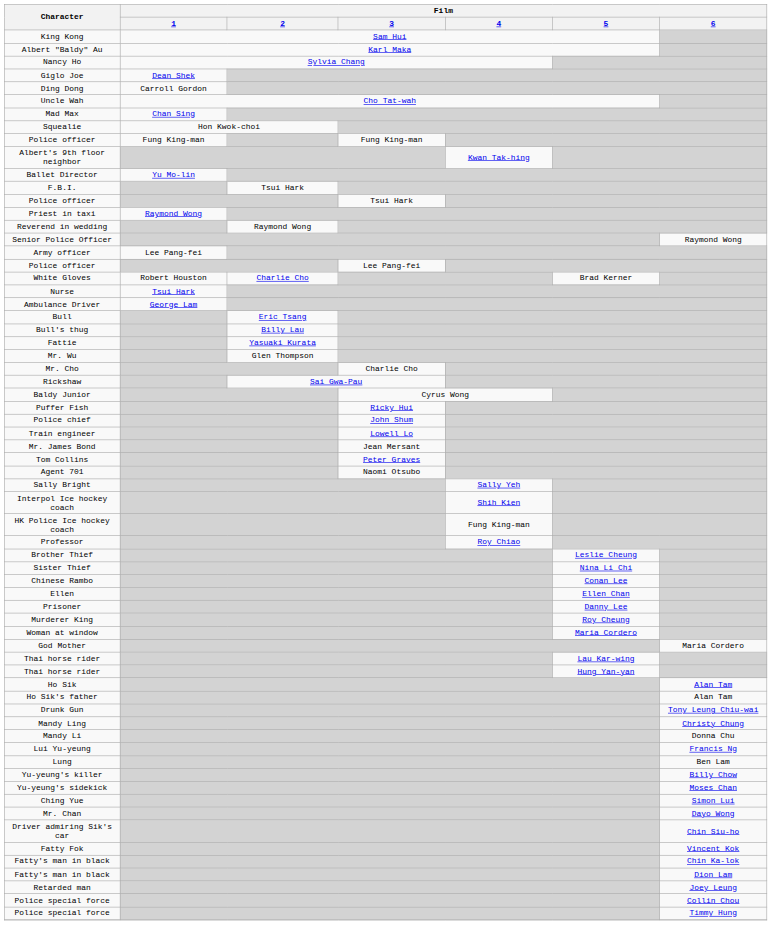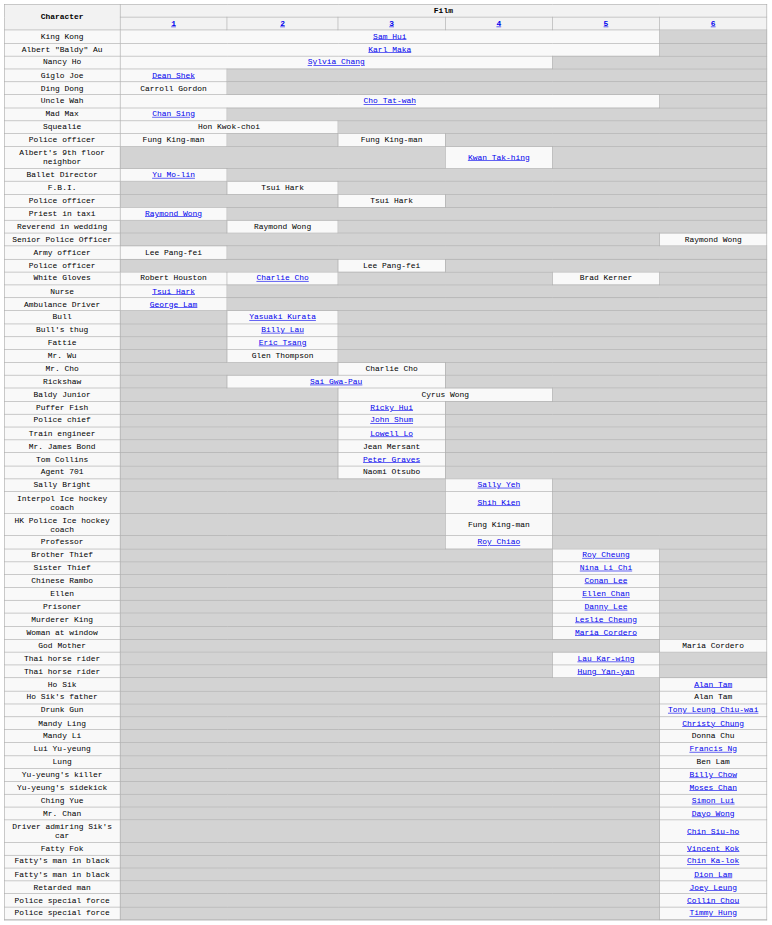 <table class="wikitable" style="text-align:center;">
 <tr>
 <th rowspan="2" style="width:5%;">Character</th>
 <th colspan="6" style="text-align:center;">Film</th>
 </tr>
 <tr>
 <th style="text-align:center; width:5%;"><a href='#'>1</a></th>
 <th style="text-align:center; width:5%;"><a href='#'>2</a></th>
 <th style="text-align:center; width:5%;"><a href='#'>3</a></th>
 <th style="text-align:center; width:5%;"><a href='#'>4</a></th>
 <th style="text-align:center; width:5%;"><a href='#'>5</a></th>
 <th style="text-align:center; width:5%;"><a href='#'>6</a></th>
 </tr>
 <tr>
 <td>King Kong</td>
 <td colspan="5"><a href='#'>Sam Hui</a></td>
 <td style="background:#d3d3d3;"></td>
 </tr>
 <tr>
 <td>Albert "Baldy" Au</td>
 <td colspan="5"><a href='#'>Karl Maka</a></td>
 <td style="background:#d3d3d3;"></td>
 </tr>
 <tr>
 <td>Nancy Ho</td>
 <td colspan="4"><a href='#'>Sylvia Chang</a></td>
 <td colspan="2" style="background:#d3d3d3;"></td>
 </tr>
 <tr>
 <td>Giglo Joe</td>
 <td><a href='#'>Dean Shek</a></td>
 <td colspan="5" style="background:#d3d3d3;"></td>
 </tr>
 <tr>
 <td>Ding Dong</td>
 <td>Carroll Gordon</td>
 <td colspan="5" style="background:#d3d3d3;"></td>
 </tr>
 <tr>
 <td>Uncle Wah</td>
 <td colspan="5"><a href='#'>Cho Tat-wah</a></td>
 <td style="background:#d3d3d3;"></td>
 </tr>
 <tr>
 <td>Mad Max</td>
 <td><a href='#'>Chan Sing</a></td>
 <td colspan="5" style="background:#d3d3d3;"></td>
 </tr>
 <tr>
 <td>Squealie</td>
 <td colspan="2">Hon Kwok-choi</td>
 <td colspan="4" style="background:#d3d3d3;"></td>
 </tr>
 <tr>
 <td>Police officer</td>
 <td>Fung King-man</td>
 <td style="background:#d3d3d3;"></td>
 <td>Fung King-man</td>
 <td colspan="3" style="background:#d3d3d3;"></td>
 </tr>
 <tr>
 <td>Albert's 9th floor neighbor</td>
 <td colspan="3" style="background:#d3d3d3;"></td>
 <td><a href='#'>Kwan Tak-hing</a></td>
 <td colspan="2" style="background:#d3d3d3;"></td>
 </tr>
 <tr>
 <td>Ballet Director</td>
 <td><a href='#'>Yu Mo-lin</a></td>
 <td colspan="5" style="background:#d3d3d3;"></td>
 </tr>
 <tr>
 <td>F.B.I.</td>
 <td style="background:#d3d3d3;"></td>
 <td>Tsui Hark</td>
 <td colspan="4" style="background:#d3d3d3;"></td>
 </tr>
 <tr>
 <td>Police officer</td>
 <td colspan="2" style="background:#d3d3d3;"></td>
 <td>Tsui Hark</td>
 <td colspan="3" style="background:#d3d3d3;"></td>
 </tr>
 <tr>
 <td>Priest in taxi</td>
 <td><a href='#'>Raymond Wong</a></td>
 <td colspan="5" style="background:#d3d3d3;"></td>
 </tr>
 <tr>
 <td>Reverend in wedding</td>
 <td style="background:#d3d3d3;"></td>
 <td>Raymond Wong</td>
 <td colspan="4" style="background:#d3d3d3;"></td>
 </tr>
 <tr>
 <td>Senior Police Officer</td>
 <td colspan="5" style="background:#d3d3d3;"></td>
 <td>Raymond Wong</td>
 </tr>
 <tr>
 <td>Army officer</td>
 <td>Lee Pang-fei</td>
 <td colspan="5" style="background:#d3d3d3;"></td>
 </tr>
 <tr>
 <td>Police officer</td>
 <td colspan="2" style="background:#d3d3d3;"></td>
 <td>Lee Pang-fei</td>
 <td colspan="3" style="background:#d3d3d3;"></td>
 </tr>
 <tr>
 <td>White Gloves</td>
 <td>Robert Houston</td>
 <td><a href='#'>Charlie Cho</a></td>
 <td colspan="2" style="background:#d3d3d3;"></td>
 <td>Brad Kerner</td>
 <td colspan="1" style="background:#d3d3d3;"></td>
 </tr>
 <tr>
 <td>Nurse</td>
 <td><a href='#'>Tsui Hark</a></td>
 <td colspan="5" style="background:#d3d3d3;"></td>
 </tr>
 <tr>
 <td>Ambulance Driver</td>
 <td><a href='#'>George Lam</a></td>
 <td colspan="5" style="background:#d3d3d3;"></td>
 </tr>
 <tr>
 <td>Bull</td>
 <td style="background:#d3d3d3;"></td>
-<td><a href='#'>Eric Tsang</a></td>
+<td><a href='#'>Yasuaki Kurata</a></td>
 <td colspan="4" style="background:#d3d3d3;"></td>
 </tr>
 <tr>
 <td>Bull's thug</td>
 <td style="background:#d3d3d3;"></td>
 <td><a href='#'>Billy Lau</a></td>
 <td colspan="4" style="background:#d3d3d3;"></td>
 </tr>
 <tr>
 <td>Fattie</td>
 <td style="background:#d3d3d3;"></td>
-<td><a href='#'>Yasuaki Kurata</a></td>
+<td><a href='#'>Eric Tsang</a></td>
 <td colspan="4" style="background:#d3d3d3;"></td>
 </tr>
 <tr>
 <td>Mr. Wu</td>
 <td style="background:#d3d3d3;"></td>
 <td>Glen Thompson</td>
 <td colspan="4" style="background:#d3d3d3;"></td>
 </tr>
 <tr>
 <td>Mr. Cho</td>
 <td colspan="2" style="background:#d3d3d3;"></td>
 <td>Charlie Cho</td>
 <td colspan="3" style="background:#d3d3d3;"></td>
 </tr>
 <tr>
 <td>Rickshaw</td>
 <td style="background:#d3d3d3;"></td>
 <td colspan="2"><a href='#'>Sai Gwa-Pau</a></td>
 <td colspan="3" style="background:#d3d3d3;"></td>
 </tr>
 <tr>
 <td>Baldy Junior</td>
 <td colspan="2" style="background:#d3d3d3;"></td>
 <td colspan="2">Cyrus Wong</td>
 <td colspan="2" style="background:#d3d3d3;"></td>
 </tr>
 <tr>
 <td>Puffer Fish</td>
 <td colspan="2" style="background:#d3d3d3;"></td>
 <td><a href='#'>Ricky Hui</a></td>
 <td colspan="3" style="background:#d3d3d3;"></td>
 </tr>
 <tr>
 <td>Police chief</td>
 <td colspan="2" style="background:#d3d3d3;"></td>
 <td><a href='#'>John Shum</a></td>
 <td colspan="3" style="background:#d3d3d3;"></td>
 </tr>
 <tr>
 <td>Train engineer</td>
 <td colspan="2" style="background:#d3d3d3;"></td>
 <td><a href='#'>Lowell Lo</a></td>
 <td colspan="3" style="background:#d3d3d3;"></td>
 </tr>
 <tr>
 <td>Mr. James Bond</td>
 <td colspan="2" style="background:#d3d3d3;"></td>
 <td>Jean Mersant</td>
 <td colspan="3" style="background:#d3d3d3;"></td>
 </tr>
 <tr>
 <td>Tom Collins</td>
 <td colspan="2" style="background:#d3d3d3;"></td>
 <td><a href='#'>Peter Graves</a></td>
 <td colspan="3" style="background:#d3d3d3;"></td>
 </tr>
 <tr>
 <td>Agent 701</td>
 <td colspan="2" style="background:#d3d3d3;"></td>
 <td>Naomi Otsubo</td>
 <td colspan="3" style="background:#d3d3d3;"></td>
 </tr>
 <tr>
 <td>Sally Bright</td>
 <td colspan="3" style="background:#d3d3d3;"></td>
 <td><a href='#'>Sally Yeh</a></td>
 <td colspan="2" style="background:#d3d3d3;"></td>
 </tr>
 <tr>
 <td>Interpol Ice hockey coach</td>
 <td colspan="3" style="background:#d3d3d3;"></td>
 <td><a href='#'>Shih Kien</a></td>
 <td colspan="2" style="background:#d3d3d3;"></td>
 </tr>
 <tr>
 <td>HK Police Ice hockey coach</td>
 <td colspan="3" style="background:#d3d3d3;"></td>
 <td>Fung King-man</td>
 <td colspan="2" style="background:#d3d3d3;"></td>
 </tr>
 <tr>
 <td>Professor</td>
 <td colspan="3" style="background:#d3d3d3;"></td>
 <td><a href='#'>Roy Chiao</a></td>
 <td colspan="2" style="background:#d3d3d3;"></td>
 </tr>
 <tr>
 <td>Brother Thief</td>
 <td colspan="4" style="background:#d3d3d3;"></td>
-<td><a href='#'>Leslie Cheung</a></td>
+<td><a href='#'>Roy Cheung</a></td>
 <td colspan="1" style="background:#d3d3d3;"></td>
 </tr>
 <tr>
 <td>Sister Thief</td>
 <td colspan="4" style="background:#d3d3d3;"></td>
 <td><a href='#'>Nina Li Chi</a></td>
 <td colspan="1" style="background:#d3d3d3;"></td>
 </tr>
 <tr>
 <td>Chinese Rambo</td>
 <td colspan="4" style="background:#d3d3d3;"></td>
 <td><a href='#'>Conan Lee</a></td>
 <td colspan="1" style="background:#d3d3d3;"></td>
 </tr>
 <tr>
 <td>Ellen</td>
 <td colspan="4" style="background:#d3d3d3;"></td>
 <td><a href='#'>Ellen Chan</a></td>
 <td colspan="1" style="background:#d3d3d3;"></td>
 </tr>
 <tr>
 <td>Prisoner</td>
 <td colspan="4" style="background:#d3d3d3;"></td>
 <td><a href='#'>Danny Lee</a></td>
 <td colspan="1" style="background:#d3d3d3;"></td>
 </tr>
 <tr>
 <td>Murderer King</td>
 <td colspan="4" style="background:#d3d3d3;"></td>
-<td><a href='#'>Roy Cheung</a></td>
+<td><a href='#'>Leslie Cheung</a></td>
 <td colspan="1" style="background:#d3d3d3;"></td>
 </tr>
 <tr>
 <td>Woman at window</td>
 <td colspan="4" style="background:#d3d3d3;"></td>
 <td><a href='#'>Maria Cordero</a></td>
 <td colspan="1" style="background:#d3d3d3;"></td>
 </tr>
 <tr>
 <td>God Mother</td>
 <td colspan="5" style="background:#d3d3d3;"></td>
 <td>Maria Cordero</td>
 </tr>
 <tr>
 <td>Thai horse rider</td>
 <td colspan="4" style="background:#d3d3d3;"></td>
 <td><a href='#'>Lau Kar-wing</a></td>
 <td colspan="1" style="background:#d3d3d3;"></td>
 </tr>
 <tr>
 <td>Thai horse rider</td>
 <td colspan="4" style="background:#d3d3d3;"></td>
 <td><a href='#'>Hung Yan-yan</a></td>
 <td colspan="1" style="background:#d3d3d3;"></td>
 </tr>
 <tr>
 <td>Ho Sik</td>
 <td colspan="5" style="background:#d3d3d3;"></td>
 <td><a href='#'>Alan Tam</a></td>
 </tr>
 <tr>
 <td>Ho Sik's father</td>
 <td colspan="5" style="background:#d3d3d3;"></td>
 <td>Alan Tam</td>
 </tr>
 <tr>
 <td>Drunk Gun</td>
 <td colspan="5" style="background:#d3d3d3;"></td>
 <td><a href='#'>Tony Leung Chiu-wai</a></td>
 </tr>
 <tr>
 <td>Mandy Ling</td>
 <td colspan="5" style="background:#d3d3d3;"></td>
 <td><a href='#'>Christy Chung</a></td>
 </tr>
 <tr>
 <td>Mandy Li</td>
 <td colspan="5" style="background:#d3d3d3;"></td>
 <td>Donna Chu</td>
 </tr>
 <tr>
 <td>Lui Yu-yeung</td>
 <td colspan="5" style="background:#d3d3d3;"></td>
 <td><a href='#'>Francis Ng</a></td>
 </tr>
 <tr>
 <td>Lung</td>
 <td colspan="5" style="background:#d3d3d3;"></td>
 <td>Ben Lam</td>
 </tr>
 <tr>
 <td>Yu-yeung's killer</td>
 <td colspan="5" style="background:#d3d3d3;"></td>
 <td><a href='#'>Billy Chow</a></td>
 </tr>
 <tr>
 <td>Yu-yeung's sidekick</td>
 <td colspan="5" style="background:#d3d3d3;"></td>
 <td><a href='#'>Moses Chan</a></td>
 </tr>
 <tr>
 <td>Ching Yue</td>
 <td colspan="5" style="background:#d3d3d3;"></td>
 <td><a href='#'>Simon Lui</a></td>
 </tr>
 <tr>
 <td>Mr. Chan</td>
 <td colspan="5" style="background:#d3d3d3;"></td>
 <td><a href='#'>Dayo Wong</a></td>
 </tr>
 <tr>
 <td>Driver admiring Sik's car</td>
 <td colspan="5" style="background:#d3d3d3;"></td>
 <td><a href='#'>Chin Siu-ho</a></td>
 </tr>
 <tr>
 <td>Fatty Fok</td>
 <td colspan="5" style="background:#d3d3d3;"></td>
 <td><a href='#'>Vincent Kok</a></td>
 </tr>
 <tr>
 <td>Fatty's man in black</td>
 <td colspan="5" style="background:#d3d3d3;"></td>
 <td><a href='#'>Chin Ka-lok</a></td>
 </tr>
 <tr>
 <td>Fatty's man in black</td>
 <td colspan="5" style="background:#d3d3d3;"></td>
 <td><a href='#'>Dion Lam</a></td>
 </tr>
 <tr>
 <td>Retarded man</td>
 <td colspan="5" style="background:#d3d3d3;"></td>
 <td><a href='#'>Joey Leung</a></td>
 </tr>
 <tr>
 <td>Police special force</td>
 <td colspan="5" style="background:#d3d3d3;"></td>
 <td><a href='#'>Collin Chou</a></td>
 </tr>
 <tr>
 <td>Police special force</td>
 <td colspan="5" style="background:#d3d3d3;"></td>
 <td><a href='#'>Timmy Hung</a></td>
 </tr>
 <tr>
 </tr>
 </table>
